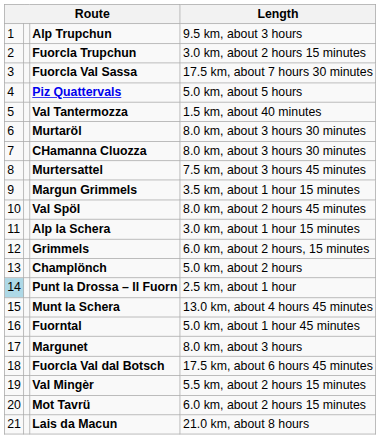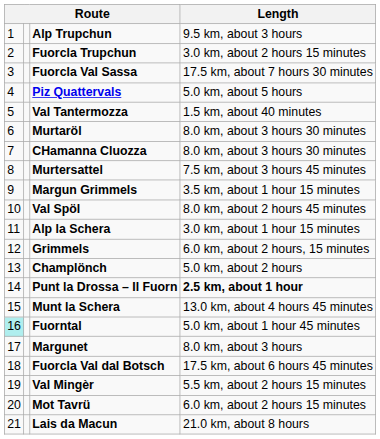 <table class="wikitable">
 <tr>
 <th colspan="3">Route</th>
 <th>Length</th>
 </tr>
 <tr>
 <td>1</td>
 <td></td>
 <td><strong>Alp Trupchun</strong></td>
 <td>9.5 km, about 3 hours</td>
 </tr>
 <tr>
 <td>2</td>
 <td></td>
 <td><strong>Fuorcla Trupchun</strong></td>
 <td>3.0 km, about 2 hours 15 minutes</td>
 </tr>
 <tr>
 <td>3</td>
 <td></td>
 <td><strong>Fuorcla Val Sassa</strong></td>
 <td>17.5 km, about 7 hours 30 minutes</td>
 </tr>
 <tr>
 <td>4</td>
 <td></td>
 <td><strong><a href='#'>Piz Quattervals</a></strong></td>
 <td>5.0 km, about 5 hours</td>
 </tr>
 <tr>
 <td>5</td>
 <td></td>
 <td><strong>Val Tantermozza</strong></td>
 <td>1.5 km, about 40 minutes</td>
 </tr>
 <tr>
 <td>6</td>
 <td></td>
 <td><strong>Murtaröl</strong></td>
 <td>8.0 km, about 3 hours 30 minutes</td>
 </tr>
 <tr>
 <td>7</td>
 <td></td>
 <td><strong>CHamanna Cluozza</strong></td>
 <td>8.0 km, about 3 hours 30 minutes</td>
 </tr>
 <tr>
 <td>8</td>
 <td></td>
 <td><strong>Murtersattel</strong></td>
 <td>7.5 km, about 3 hours 45 minutes</td>
 </tr>
 <tr>
 <td>9</td>
 <td></td>
 <td><strong>Margun Grimmels</strong></td>
 <td>3.5 km, about 1 hour 15 minutes</td>
 </tr>
 <tr>
 <td>10</td>
 <td></td>
 <td><strong>Val Spöl</strong></td>
 <td>8.0 km, about 2 hours 45 minutes</td>
 </tr>
 <tr>
 <td>11</td>
 <td></td>
 <td><strong>Alp la Schera</strong></td>
 <td>3.0 km, about 1 hour 15 minutes</td>
 </tr>
 <tr>
 <td>12</td>
 <td></td>
 <td><strong>Grimmels</strong></td>
 <td>6.0 km, about 2 hours, 15 minutes</td>
 </tr>
 <tr>
 <td>13</td>
 <td></td>
 <td><strong>Champlönch</strong></td>
 <td>5.0 km, about 2 hours</td>
 </tr>
 <tr>
-<td style="background: lightblue;">14</td>
+<td>14</td>
 <td></td>
 <td><strong>Punt la Drossa – Il Fuorn</strong></td>
-<td>2.5 km, about 1 hour</td>
+<td><strong>2.5 km, about 1 hour</strong></td>
 </tr>
 <tr>
 <td>15</td>
 <td></td>
 <td><strong>Munt la Schera</strong></td>
 <td>13.0 km, about 4 hours 45 minutes</td>
 </tr>
 <tr>
-<td>16</td>
+<td style="background: paleturquoise;">16</td>
 <td></td>
 <td><strong>Fuorntal</strong></td>
 <td>5.0 km, about 1 hour 45 minutes</td>
 </tr>
 <tr>
 <td>17</td>
 <td></td>
 <td><strong>Margunet</strong></td>
 <td>8.0 km, about 3 hours</td>
 </tr>
 <tr>
 <td>18</td>
 <td></td>
 <td><strong>Fuorcla Val dal Botsch</strong></td>
 <td>17.5 km, about 6 hours 45 minutes</td>
 </tr>
 <tr>
 <td>19</td>
 <td></td>
 <td><strong>Val Mingèr</strong></td>
 <td>5.5 km, about 2 hours 15 minutes</td>
 </tr>
 <tr>
 <td>20</td>
 <td></td>
 <td><strong>Mot Tavrü</strong></td>
 <td>6.0 km, about 2 hours 15 minutes</td>
 </tr>
 <tr>
 <td>21</td>
 <td></td>
 <td><strong>Lais da Macun</strong></td>
 <td>21.0 km, about 8 hours</td>
 </tr>
 </table>
